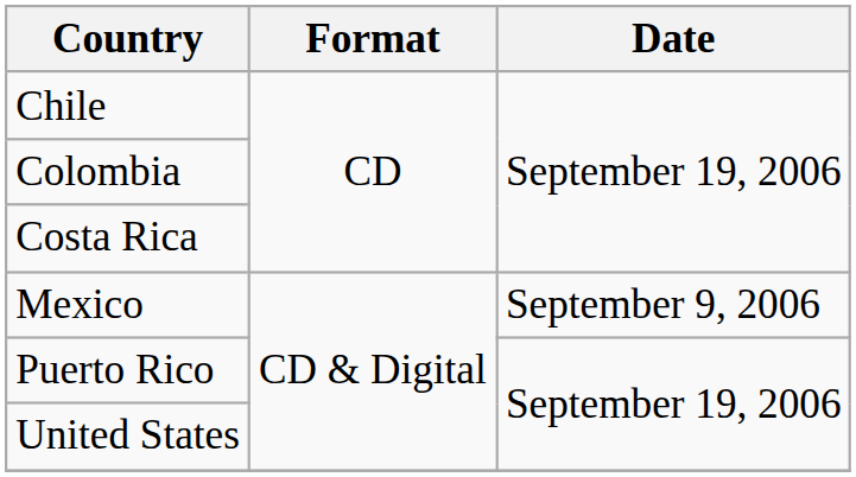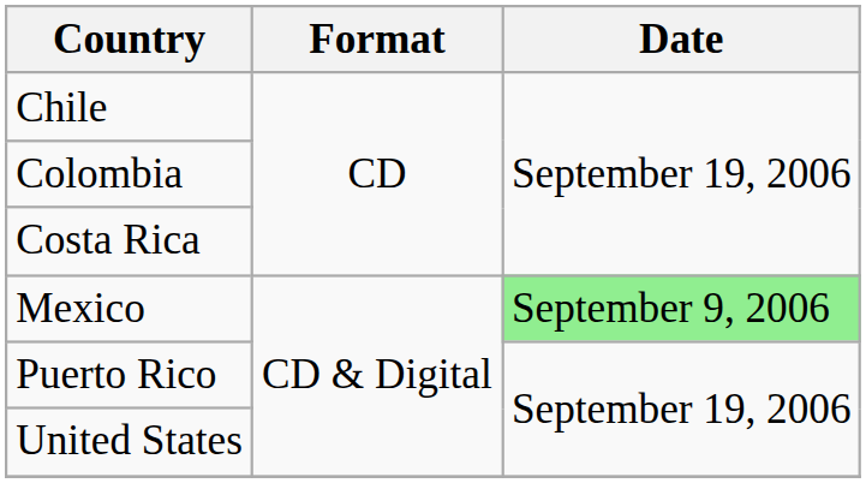 <table class="wikitable">
 <tr>
 <th>Country</th>
 <th>Format</th>
 <th>Date</th>
 </tr>
 <tr>
 <td>Chile</td>
 <td rowspan="3" style="text-align:center;">CD</td>
 <td rowspan="3">September 19, 2006</td>
 </tr>
 <tr>
 <td>Colombia</td>
 </tr>
 <tr>
 <td>Costa Rica</td>
 </tr>
 <tr>
 <td>Mexico</td>
 <td rowspan="3">CD & Digital</td>
-<td>September 9, 2006</td>
+<td style="background: lightgreen;">September 9, 2006</td>
 </tr>
 <tr>
 <td>Puerto Rico</td>
 <td rowspan="2">September 19, 2006</td>
 </tr>
 <tr>
 <td>United States</td>
 </tr>
 <tr>
 </tr>
 </table>
